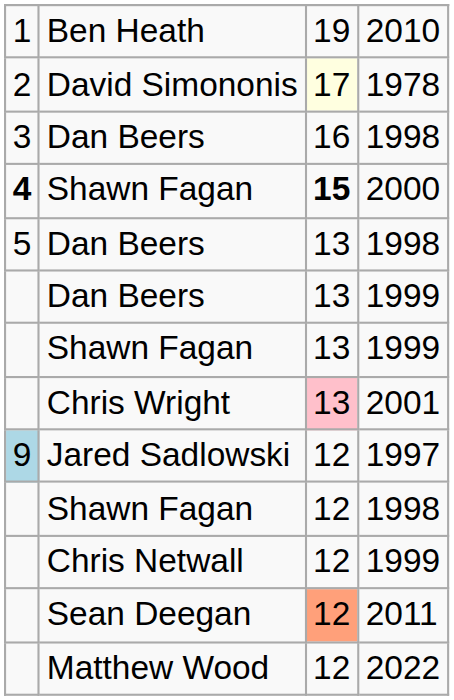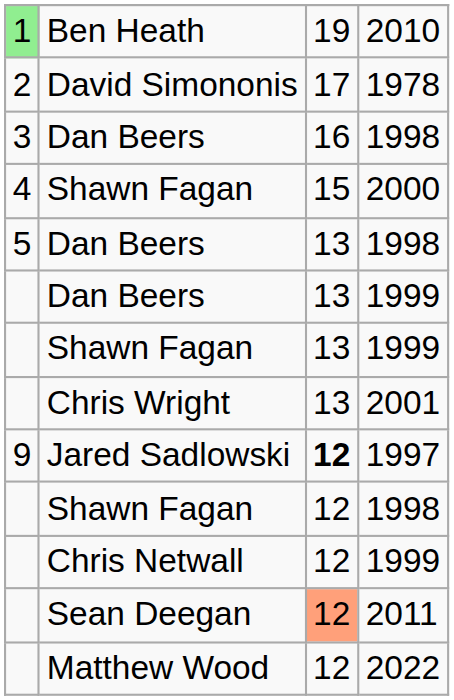 <table class="wikitable">
 <tr>
 </tr>
 <tr>
-<td>1</td>
+<td style="background: lightgreen;">1</td>
 <td>Ben Heath</td>
 <td>19</td>
 <td>2010</td>
 </tr>
 <tr>
 <td>2</td>
 <td>David Simononis</td>
-<td style="background: lightyellow;">17</td>
+<td>17</td>
 <td>1978</td>
 </tr>
 <tr>
 <td>3</td>
 <td>Dan Beers</td>
 <td>16</td>
 <td>1998</td>
 </tr>
 <tr>
-<td><strong>4</strong></td>
+<td>4</td>
 <td>Shawn Fagan</td>
-<td><strong>15</strong></td>
+<td>15</td>
 <td>2000</td>
 </tr>
 <tr>
 <td>5</td>
 <td>Dan Beers</td>
 <td>13</td>
 <td>1998</td>
 </tr>
 <tr>
 <td></td>
 <td>Dan Beers</td>
 <td>13</td>
 <td>1999</td>
 </tr>
 <tr>
 <td></td>
 <td>Shawn Fagan</td>
 <td>13</td>
 <td>1999</td>
 </tr>
 <tr>
 <td></td>
 <td>Chris Wright</td>
-<td style="background: pink;">13</td>
+<td>13</td>
 <td>2001</td>
 </tr>
 <tr>
-<td style="background: lightblue;">9</td>
+<td>9</td>
 <td>Jared Sadlowski</td>
-<td>12</td>
+<td><strong>12</strong></td>
 <td>1997</td>
 </tr>
 <tr>
 <td></td>
 <td>Shawn Fagan</td>
 <td>12</td>
 <td>1998</td>
 </tr>
 <tr>
 <td></td>
 <td>Chris Netwall</td>
 <td>12</td>
 <td>1999</td>
 </tr>
 <tr>
 <td></td>
 <td>Sean Deegan</td>
 <td style="background: lightsalmon;">12</td>
 <td>2011</td>
 </tr>
 <tr>
 <td></td>
 <td>Matthew Wood</td>
 <td>12</td>
 <td>2022</td>
 </tr>
 </table>
